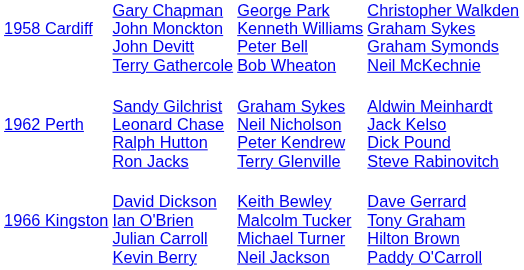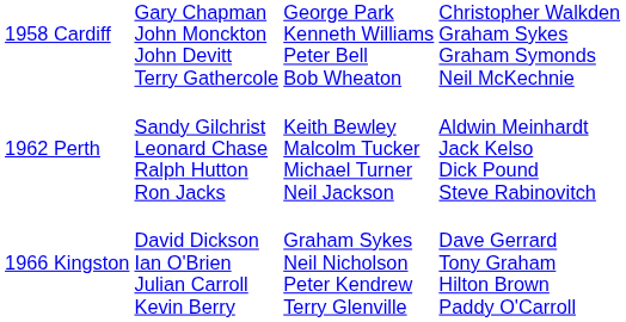 <table>
 <tr>
 <td><a href='#'>1958 Cardiff</a></td>
 <td valign=top><br><a href='#'>Gary Chapman</a><br><a href='#'>John Monckton</a><br><a href='#'>John Devitt</a><br><a href='#'>Terry Gathercole</a></td>
 <td valign=top><br><a href='#'>George Park</a><br><a href='#'>Kenneth Williams</a><br><a href='#'>Peter Bell</a><br><a href='#'>Bob Wheaton</a></td>
 <td valign=top><br><a href='#'>Christopher Walkden</a><br><a href='#'>Graham Sykes</a><br><a href='#'>Graham Symonds</a><br><a href='#'>Neil McKechnie</a></td>
 </tr>
 <tr>
 <td><a href='#'>1962 Perth</a></td>
 <td valign=top><br><a href='#'>Sandy Gilchrist</a><br><a href='#'>Leonard Chase</a><br><a href='#'>Ralph Hutton</a><br><a href='#'>Ron Jacks</a></td>
-<td valign=top><br><a href='#'>Graham Sykes</a><br><a href='#'>Neil Nicholson</a><br><a href='#'>Peter Kendrew</a><br><a href='#'>Terry Glenville</a></td>
+<td valign=top><br><a href='#'>Keith Bewley</a><br><a href='#'>Malcolm Tucker</a><br><a href='#'>Michael Turner</a><br><a href='#'>Neil Jackson</a></td>
 <td valign=top><br><a href='#'>Aldwin Meinhardt</a><br><a href='#'>Jack Kelso</a><br><a href='#'>Dick Pound</a><br><a href='#'>Steve Rabinovitch</a></td>
 </tr>
 <tr>
 <td><a href='#'>1966 Kingston</a></td>
 <td valign=top><br><a href='#'>David Dickson</a><br><a href='#'>Ian O'Brien</a><br><a href='#'>Julian Carroll</a><br><a href='#'>Kevin Berry</a></td>
-<td valign=top><br><a href='#'>Keith Bewley</a><br><a href='#'>Malcolm Tucker</a><br><a href='#'>Michael Turner</a><br><a href='#'>Neil Jackson</a></td>
+<td valign=top><br><a href='#'>Graham Sykes</a><br><a href='#'>Neil Nicholson</a><br><a href='#'>Peter Kendrew</a><br><a href='#'>Terry Glenville</a></td>
 <td valign=top><br><a href='#'>Dave Gerrard</a><br><a href='#'>Tony Graham</a><br><a href='#'>Hilton Brown</a><br><a href='#'>Paddy O'Carroll</a></td>
 </tr>
 </table>
